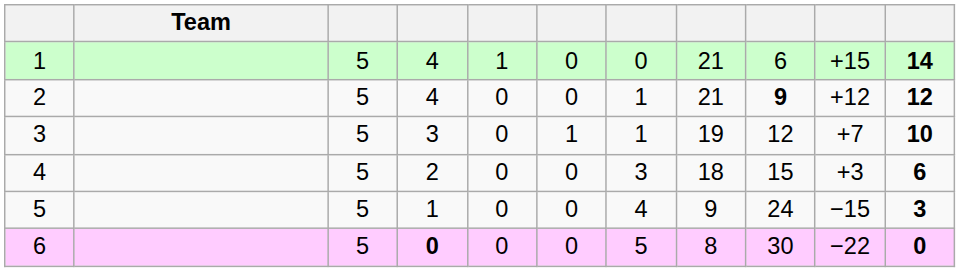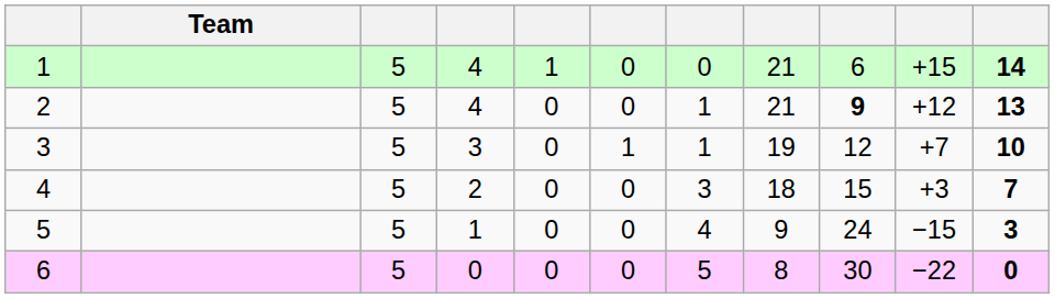 <table class="wikitable" style="text-align:center;">
 <tr>
 <th width=40></th>
 <th width=165>Team</th>
 <th width=40></th>
 <th width=40></th>
 <th width=40></th>
 <th width=40></th>
 <th width=40></th>
 <th width=40></th>
 <th width=40></th>
 <th width=40></th>
 <th width=40></th>
 </tr>
 <tr style="background:#cfc;">
 <td>1</td>
 <td align=left></td>
 <td>5</td>
 <td>4</td>
 <td>1</td>
 <td>0</td>
 <td>0</td>
 <td>21</td>
 <td>6</td>
 <td>+15</td>
 <td><strong>14</strong></td>
 </tr>
 <tr>
 <td>2</td>
 <td align=left></td>
 <td>5</td>
 <td>4</td>
 <td>0</td>
 <td>0</td>
 <td>1</td>
 <td>21</td>
 <td><strong>9</strong></td>
 <td>+12</td>
-<td><strong>12</strong></td>
+<td><strong>13</strong></td>
 </tr>
 <tr>
 <td>3</td>
 <td align=left></td>
 <td>5</td>
 <td>3</td>
 <td>0</td>
 <td>1</td>
 <td>1</td>
 <td>19</td>
 <td>12</td>
 <td>+7</td>
 <td><strong>10</strong></td>
 </tr>
 <tr>
 <td>4</td>
 <td align=left></td>
 <td>5</td>
 <td>2</td>
 <td>0</td>
 <td>0</td>
 <td>3</td>
 <td>18</td>
 <td>15</td>
 <td>+3</td>
-<td><strong>6</strong></td>
+<td><strong>7</strong></td>
 </tr>
 <tr>
 <td>5</td>
 <td align=left></td>
 <td>5</td>
 <td>1</td>
 <td>0</td>
 <td>0</td>
 <td>4</td>
 <td>9</td>
 <td>24</td>
 <td>−15</td>
 <td><strong>3</strong></td>
 </tr>
 <tr style="background:#fcf;">
 <td>6</td>
 <td align=left></td>
 <td>5</td>
-<td><strong>0</strong></td>
+<td>0</td>
 <td>0</td>
 <td>0</td>
 <td>5</td>
 <td>8</td>
 <td>30</td>
 <td>−22</td>
 <td><strong>0</strong></td>
 </tr>
 </table>
